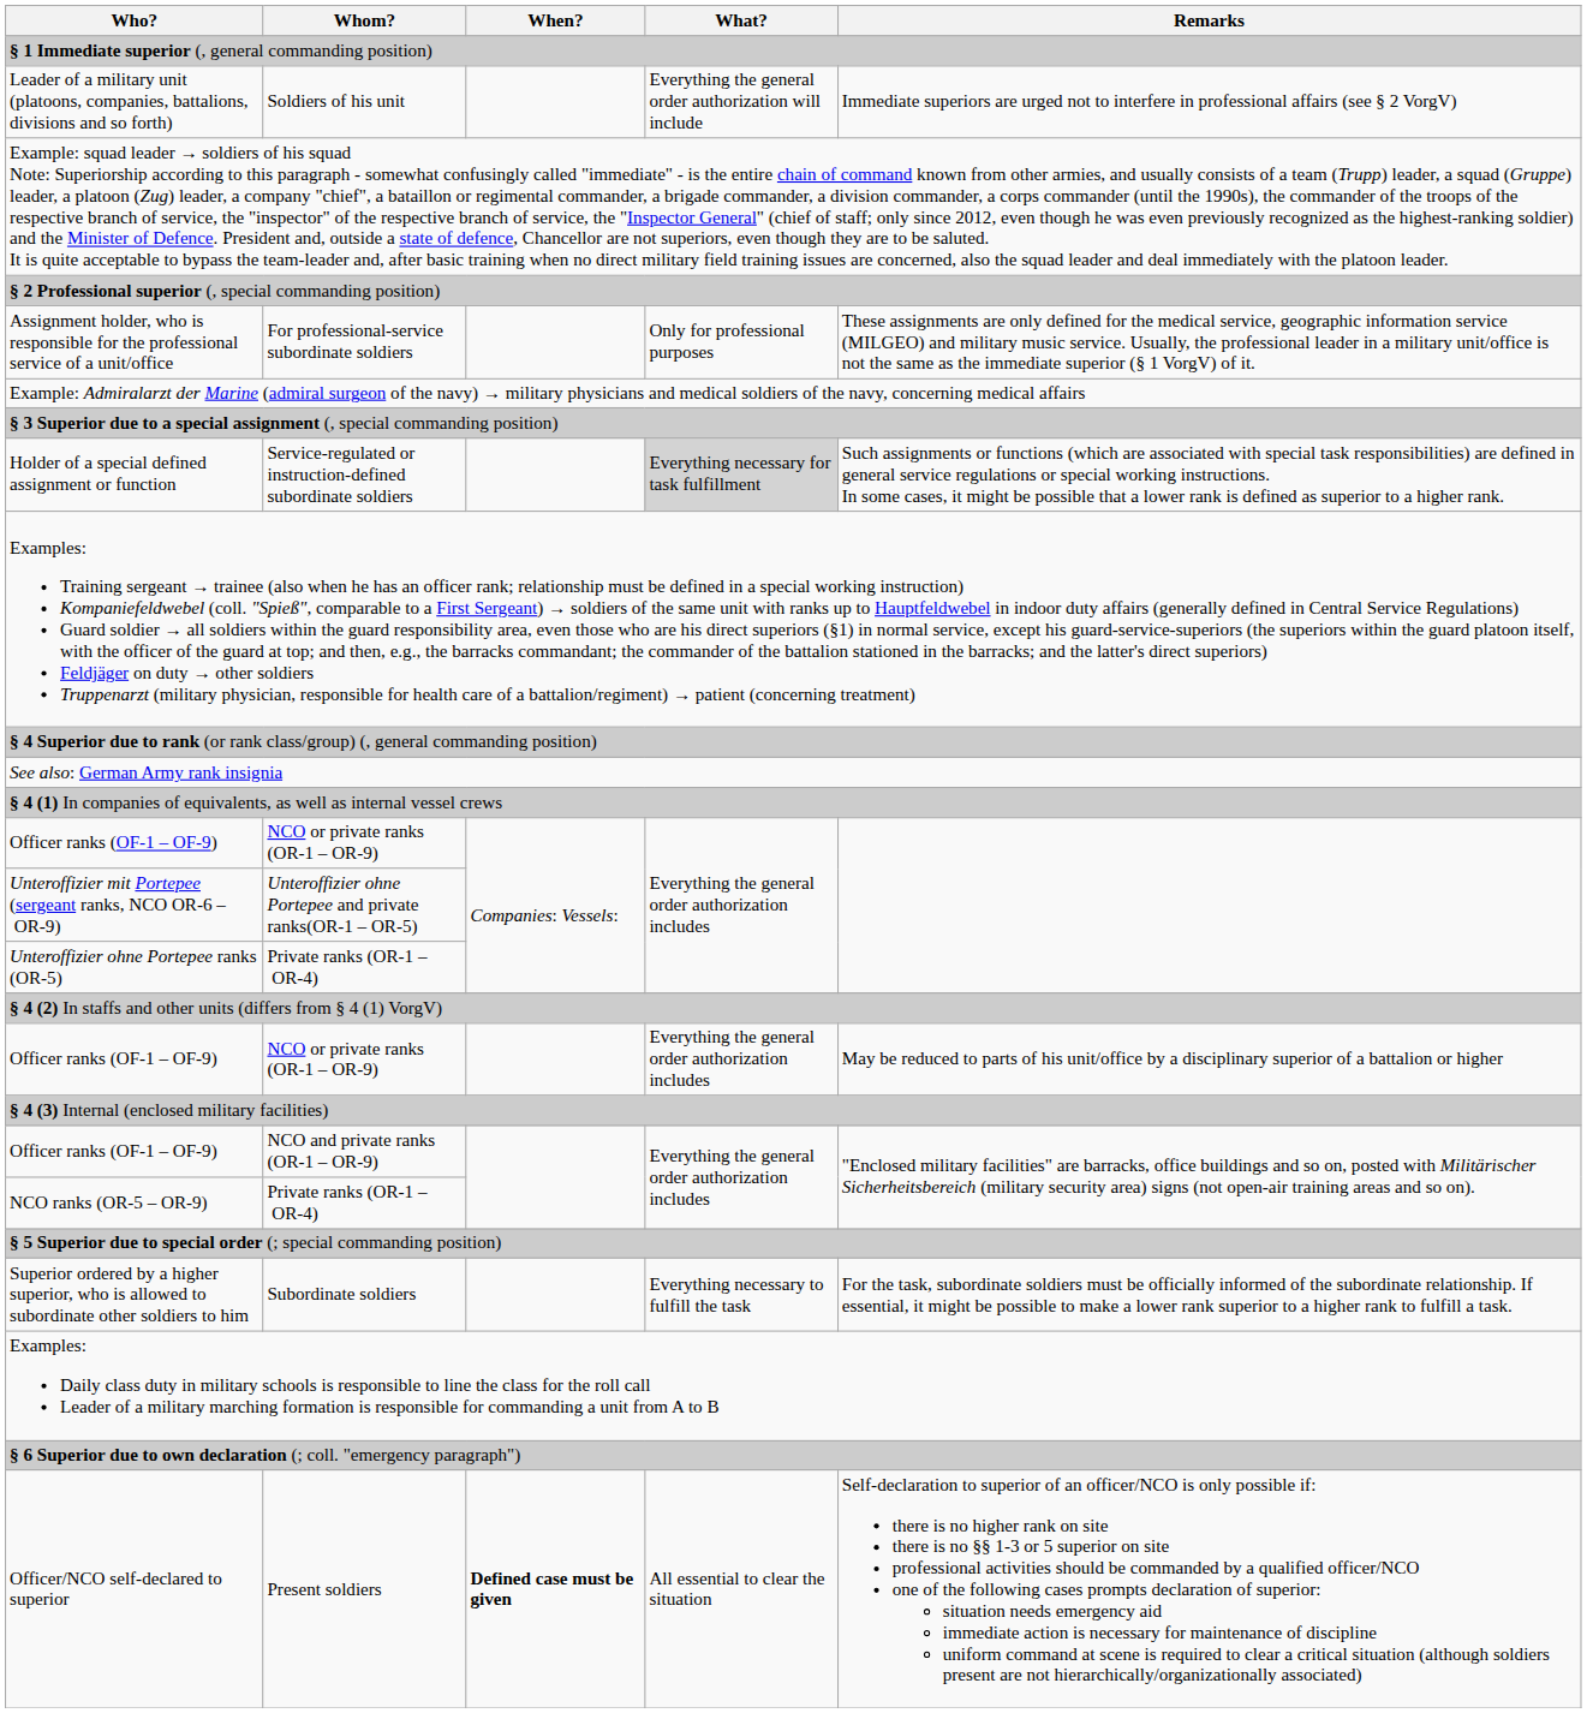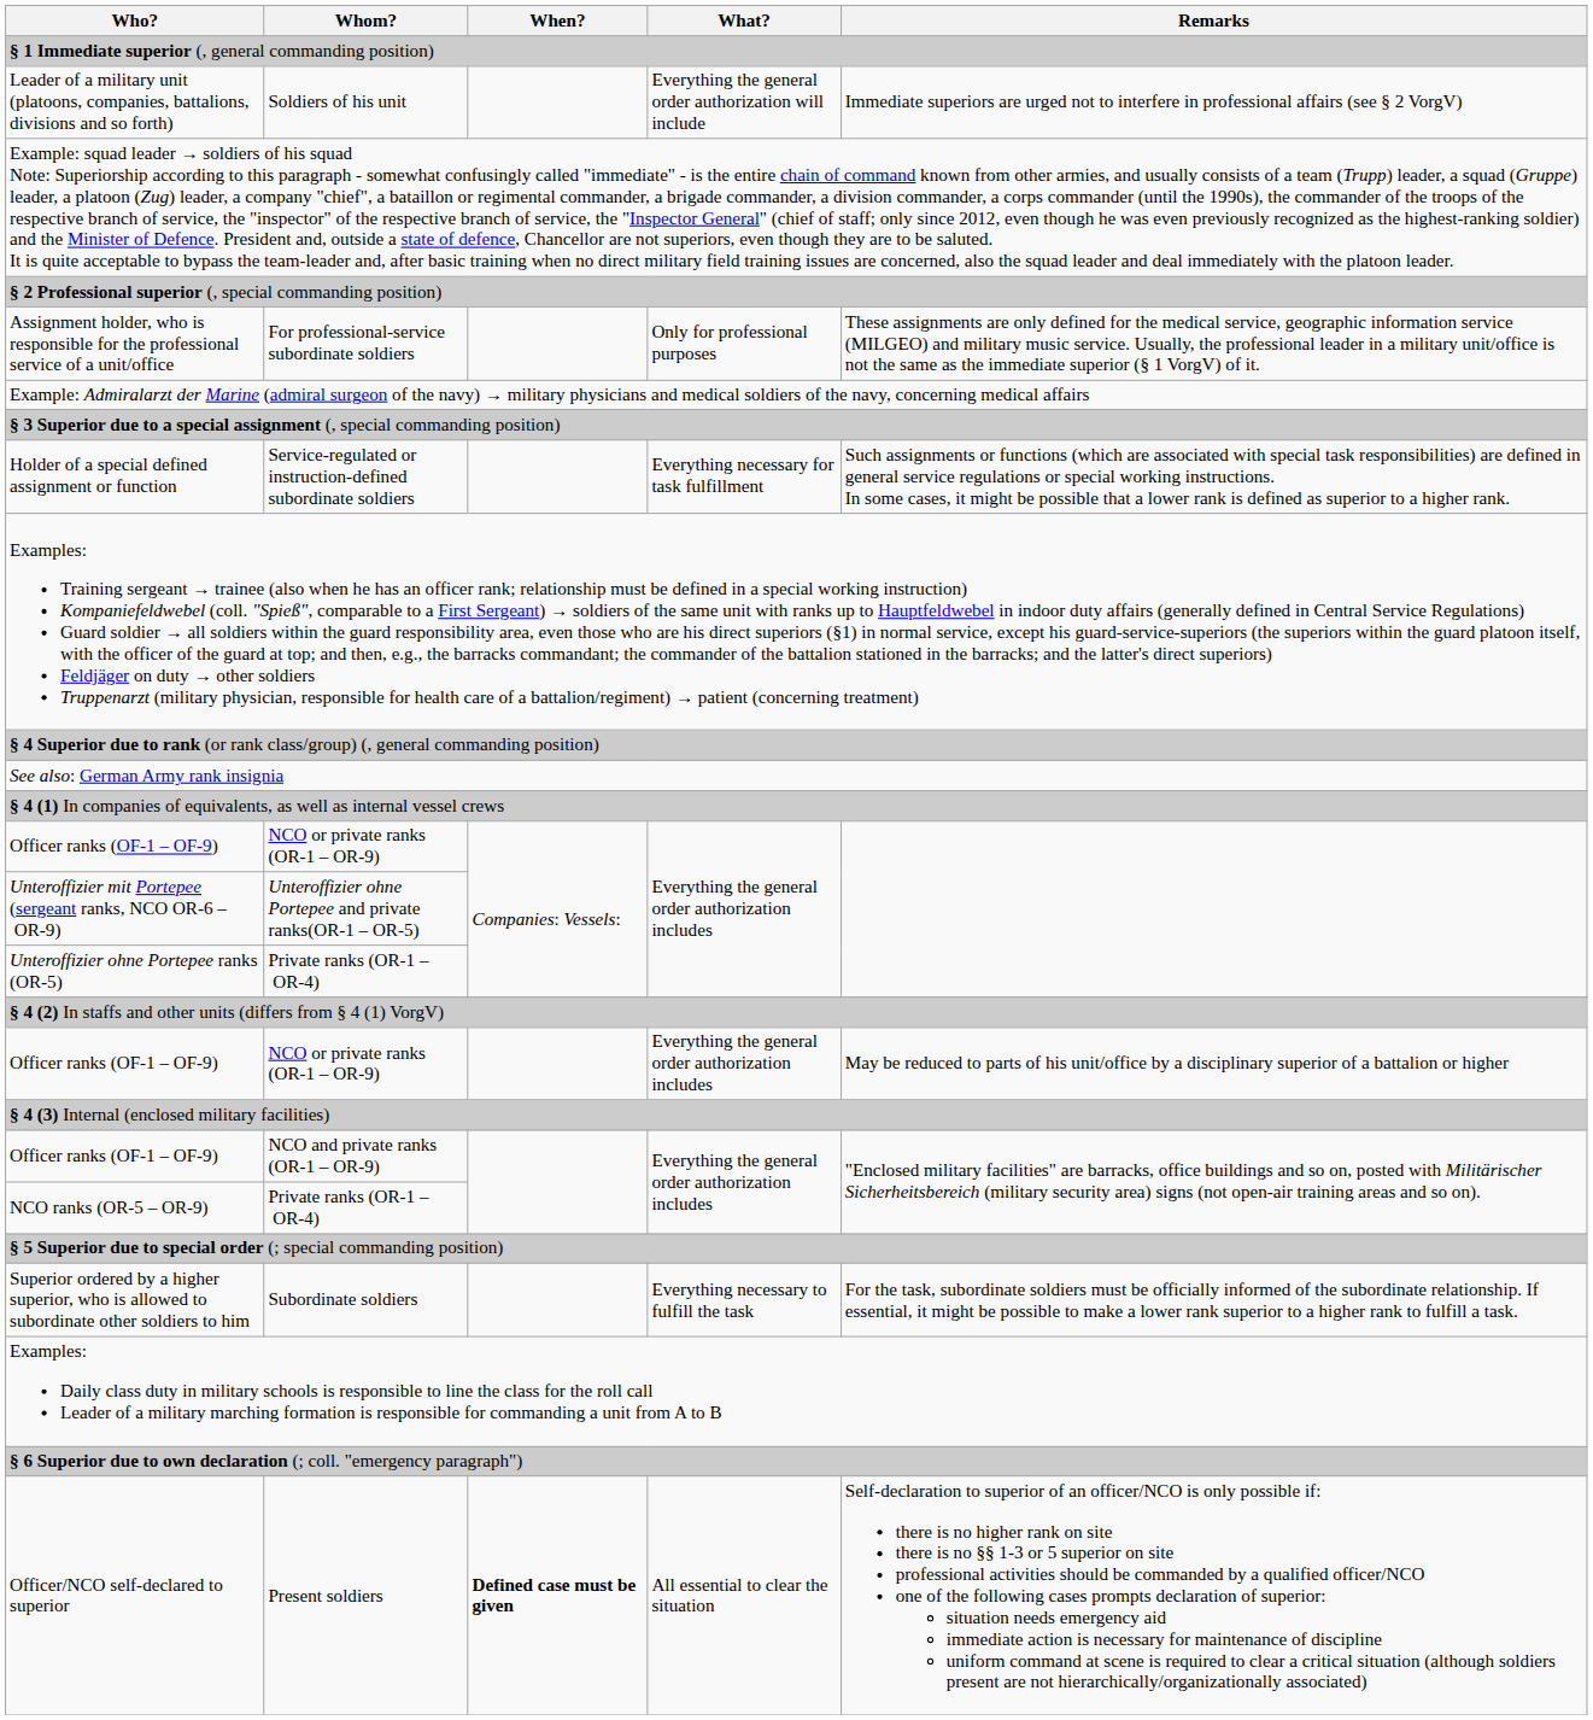 <table class="wikitable" style=" margin-top:0; font-size:90%;">
 <tr>
 <th>Who?</th>
 <th>Whom?</th>
 <th width="135em">When?</th>
 <th>What?</th>
 <th>Remarks</th>
 </tr>
 <tr>
 <td colspan="5" style="margin-top:0; background:#CCCCCC;"><strong>§ 1 Immediate superior</strong> (, general commanding position)</td>
 </tr>
 <tr>
 <td>Leader of a military unit (platoons, companies, battalions, divisions and so forth)</td>
 <td>Soldiers of his unit</td>
 <td></td>
 <td>Everything the general order authorization will include</td>
 <td>Immediate superiors are urged not to interfere in professional affairs (see § 2 VorgV)</td>
 </tr>
 <tr>
 <td colspan="5">Example: squad leader → soldiers of his squad<br>Note: Superiorship according to this paragraph - somewhat confusingly called "immediate" - is the entire <a href='#'>chain of command</a> known from other armies, and usually consists of a team (<em>Trupp</em>) leader, a squad (<em>Gruppe</em>) leader, a platoon (<em>Zug</em>) leader, a company "chief", a bataillon or regimental commander, a brigade commander, a division commander, a corps commander (until the 1990s), the commander of the troops of the respective branch of service, the "inspector" of the respective branch of service, the "<a href='#'>Inspector General</a>" (chief of staff; only since 2012, even though he was even previously recognized as the highest-ranking soldier) and the <a href='#'>Minister of Defence</a>. President and, outside a <a href='#'>state of defence</a>, Chancellor are not superiors, even though they are to be saluted.<br>It is quite acceptable to bypass the team-leader and, after basic training when no direct military field training issues are concerned, also the squad leader and deal immediately with the platoon leader.</td>
 </tr>
 <tr>
 <td colspan="5" style="margin-top: 0; background:#CCCCCC;"><strong>§ 2 Professional superior</strong> (, special commanding position)</td>
 </tr>
 <tr>
 <td>Assignment holder, who is responsible for the professional service of a unit/office</td>
 <td>For professional-service subordinate soldiers</td>
 <td></td>
 <td>Only for professional purposes</td>
 <td>These assignments are only defined for the medical service, geographic information service (MILGEO) and military music service. Usually, the professional leader in a military unit/office is not the same as the immediate superior (§ 1 VorgV) of it.</td>
 </tr>
 <tr>
 <td colspan="5">Example: <em>Admiralarzt der <a href='#'>Marine</a></em> (<a href='#'>admiral surgeon</a> of the navy) → military physicians and medical soldiers of the navy, concerning medical affairs</td>
 </tr>
 <tr>
 <td colspan="5" style="margin-top: 0; background:#CCCCCC;"><strong>§ 3 Superior due to a special assignment</strong> (, special commanding position)</td>
 </tr>
 <tr>
 <td>Holder of a special defined assignment or function</td>
 <td>Service-regulated or instruction-defined subordinate soldiers</td>
 <td></td>
-<td style="background: lightgrey;">Everything necessary for task fulfillment</td>
+<td>Everything necessary for task fulfillment</td>
 <td>Such assignments or functions (which are associated with special task responsibilities) are defined in general service regulations or special working instructions.<br>In some cases, it might be possible that a lower rank is defined as superior to a higher rank.</td>
 </tr>
 <tr>
 <td colspan="5"><br>Examples:<ul><li>Training sergeant → trainee (also when he has an officer rank; relationship must be defined in a special working instruction)</li><li><em>Kompaniefeldwebel</em> (coll. <em>"Spieß"</em>, comparable to a <a href='#'>First Sergeant</a>) → soldiers of the same unit with ranks up to <a href='#'>Hauptfeldwebel</a> in indoor duty affairs (generally defined in Central Service Regulations)</li><li>Guard soldier → all soldiers within the guard responsibility area, even those who are his direct superiors (§1) in normal service, except his guard-service-superiors (the superiors within the guard platoon itself, with the officer of the guard at top; and then, e.g., the barracks commandant; the commander of the battalion stationed in the barracks; and the latter's direct superiors)</li><li><a href='#'>Feldjäger</a> on duty → other soldiers</li><li><em>Truppenarzt</em> (military physician, responsible for health care of a battalion/regiment) → patient (concerning treatment)</li></ul></td>
 </tr>
 <tr>
 <td colspan="5" style="margin-top:0; background:#CCCCCC;"><strong>§ 4 Superior due to rank</strong> (or rank class/group) (, general commanding position)</td>
 </tr>
 <tr>
 <td colspan="5"><em>See also</em>: <a href='#'>German Army rank insignia</a></td>
 </tr>
 <tr>
 <td colspan="5" style="margin-top:0; background:#CCCCCC;"><strong>§ 4 (1)</strong> In companies of equivalents, as well as internal vessel crews</td>
 </tr>
 <tr>
 <td>Officer ranks (<a href='#'>OF-1 – OF-9</a>)</td>
 <td><a href='#'>NCO</a> or private ranks (OR-1 – OR-9)</td>
 <td rowspan="3"><br><em>Companies</em>: <em>Vessels</em>:</td>
 <td rowspan="3">Everything the general order authorization includes</td>
 <td rowspan="3"></td>
 </tr>
 <tr>
 <td><em>Unteroffizier mit <a href='#'>Portepee</a></em> (<a href='#'>sergeant</a> ranks, NCO OR-6 – OR-9)</td>
 <td><em>Unteroffizier ohne Portepee</em> and private ranks(OR-1 – OR-5)</td>
 </tr>
 <tr>
 <td><em>Unteroffizier ohne Portepee</em> ranks (OR-5)</td>
 <td>Private ranks (OR-1 – OR-4)</td>
 </tr>
 <tr>
 <td colspan="5" style="margin-top: 0; background:#CCCCCC;"><strong>§ 4 (2)</strong> In staffs and other units (differs from § 4 (1) VorgV)</td>
 </tr>
 <tr>
 <td>Officer ranks (OF-1 – OF-9)</td>
 <td><a href='#'>NCO</a> or private ranks (OR-1 – OR-9)</td>
 <td></td>
 <td>Everything the general order authorization includes</td>
 <td>May be reduced to parts of his unit/office by a disciplinary superior of a battalion or higher</td>
 </tr>
 <tr>
 <td colspan="5" style="margin-top:0; background:#CCCCCC;"><strong>§ 4 (3)</strong> Internal (enclosed military facilities)</td>
 </tr>
 <tr>
 <td>Officer ranks (OF-1 – OF-9)</td>
 <td>NCO and private ranks (OR-1 – OR-9)</td>
 <td rowspan="2"></td>
 <td rowspan="2">Everything the general order authorization includes</td>
 <td rowspan="2">"Enclosed military facilities" are barracks, office buildings and so on, posted with <em>Militärischer Sicherheitsbereich</em> (military security area) signs (not open-air training areas and so on).</td>
 </tr>
 <tr>
 <td>NCO ranks (OR-5 – OR-9)</td>
 <td>Private ranks (OR-1 – OR-4)</td>
 </tr>
 <tr>
 <td colspan="5" style="margin-top:0; background:#CCCCCC;"><strong>§ 5 Superior due to special order</strong> (; special commanding position)</td>
 </tr>
 <tr>
 <td>Superior ordered by a higher superior, who is allowed to subordinate other soldiers to him</td>
 <td>Subordinate soldiers</td>
 <td></td>
 <td>Everything necessary to fulfill the task</td>
 <td>For the task, subordinate soldiers must be officially informed of the subordinate relationship. If essential, it might be possible to make a lower rank superior to a higher rank to fulfill a task.</td>
 </tr>
 <tr>
 <td colspan="5">Examples:<br><ul><li>Daily class duty in military schools is responsible to line the class for the roll call</li><li>Leader of a military marching formation is responsible for commanding a unit from A to B</li></ul></td>
 </tr>
 <tr>
 <td colspan="5" style="margin-top: 0; background:#CCCCCC;"><strong>§ 6 Superior due to own declaration</strong> (; coll. "emergency paragraph")</td>
 </tr>
 <tr>
 <td>Officer/NCO self-declared to superior</td>
 <td>Present soldiers</td>
 <td><strong>Defined case must be given<br></strong></td>
 <td>All essential to clear the situation</td>
 <td>Self-declaration to superior of an officer/NCO is only possible if:<br><ul><li>there is no higher rank on site</li><li>there is no §§ 1-3 or 5 superior on site</li><li>professional activities should be commanded by a qualified officer/NCO</li><li>one of the following cases prompts declaration of superior:<ul><li>situation needs emergency aid</li><li>immediate action is necessary for maintenance of discipline</li><li>uniform command at scene is required to clear a critical situation (although soldiers present are not hierarchically/organizationally associated)</li></ul></li></ul></td>
 </tr>
 </table>
